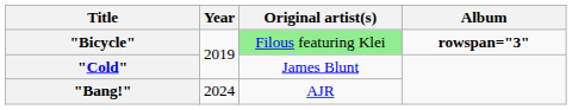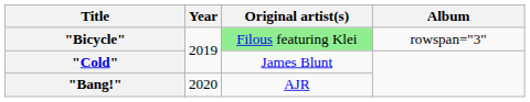 <table class="wikitable plainrowheaders" style="text-align:center;">
 <tr>
 <th style="width:12em;">Title</th>
 <th>Year</th>
 <th style="width:10em;">Original artist(s)</th>
 <th style="width:10em;">Album</th>
 </tr>
 <tr>
 <th scope="row">"Bicycle"</th>
 <td rowspan="2">2019</td>
 <td style="background: lightgreen;"><a href='#'>Filous</a> featuring Klei</td>
-<td><strong>rowspan="3" </strong></td>
+<td>rowspan="3" </td>
 </tr>
 <tr>
 <th scope="row">"<a href='#'>Cold</a>"</th>
 <td><a href='#'>James Blunt</a></td>
 </tr>
 <tr>
 <th scope="row">"Bang!"</th>
-<td>2024</td>
+<td>2020</td>
 <td><a href='#'>AJR</a></td>
 </tr>
 </table>
